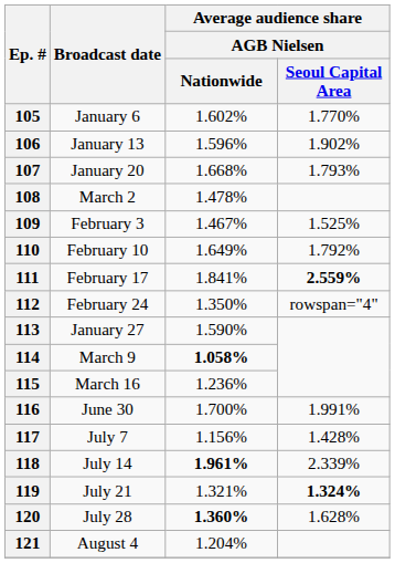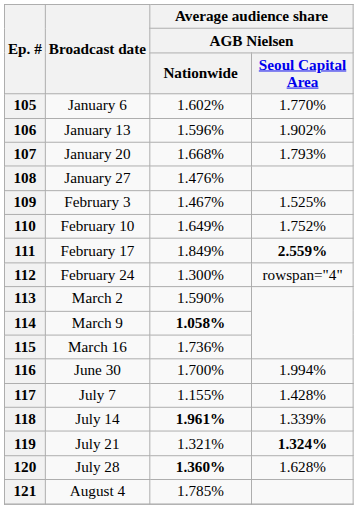 <table class="wikitable" style="text-align:center">
 <tr>
 <th rowspan="3">Ep. #</th>
 <th rowspan="3">Broadcast date</th>
 <th colspan="3">Average audience share</th>
 </tr>
 <tr>
 <th colspan="2">AGB Nielsen</th>
 </tr>
 <tr>
 <th width=100>Nationwide</th>
 <th width=100><a href='#'>Seoul Capital Area</a></th>
 </tr>
 <tr>
 <th>105</th>
 <td>January 6</td>
 <td>1.602%</td>
 <td>1.770%</td>
 </tr>
 <tr>
 <th>106</th>
 <td>January 13</td>
 <td>1.596%</td>
 <td>1.902%</td>
 </tr>
 <tr>
 <th>107</th>
 <td>January 20</td>
 <td>1.668%</td>
 <td>1.793%</td>
 </tr>
 <tr>
 <th>108</th>
-<td>March 2</td>
-<td>1.478%</td>
+<td>January 27</td>
+<td>1.476%</td>
 <td></td>
 </tr>
 <tr>
 <th>109</th>
 <td>February 3</td>
 <td>1.467%</td>
 <td>1.525%</td>
 </tr>
 <tr>
 <th>110</th>
 <td>February 10</td>
 <td>1.649%</td>
-<td>1.792%</td>
+<td>1.752%</td>
 </tr>
 <tr>
 <th>111</th>
 <td>February 17</td>
-<td>1.841%</td>
+<td>1.849%</td>
 <td><span><strong>2.559%</strong></span></td>
 </tr>
 <tr>
 <th>112</th>
 <td>February 24</td>
-<td>1.350%</td>
+<td>1.300%</td>
 <td>rowspan="4" </td>
 </tr>
 <tr>
 <th>113</th>
-<td>January 27</td>
+<td>March 2</td>
 <td>1.590%</td>
 </tr>
 <tr>
 <th>114</th>
 <td>March 9</td>
 <td><span><strong>1.058%</strong></span></td>
 </tr>
 <tr>
 <th>115</th>
 <td>March 16</td>
-<td>1.236%</td>
+<td>1.736%</td>
 </tr>
 <tr>
 <th>116</th>
 <td>June 30</td>
 <td>1.700%</td>
-<td>1.991%</td>
+<td>1.994%</td>
 </tr>
 <tr>
 <th>117</th>
 <td>July 7</td>
-<td>1.156%</td>
+<td>1.155%</td>
 <td>1.428%</td>
 </tr>
 <tr>
 <th>118</th>
 <td>July 14</td>
 <td><span><strong>1.961%</strong></span></td>
-<td>2.339%</td>
+<td>1.339%</td>
 </tr>
 <tr>
 <th>119</th>
 <td>July 21</td>
 <td>1.321%</td>
 <td><span><strong>1.324%</strong></span></td>
 </tr>
 <tr>
 <th>120</th>
 <td>July 28</td>
 <td><strong>1.360%</strong></td>
 <td>1.628%</td>
 </tr>
 <tr>
 <th>121</th>
 <td>August 4</td>
-<td>1.204%</td>
+<td>1.785%</td>
 <td></td>
 </tr>
 <tr>
 </tr>
 </table>
